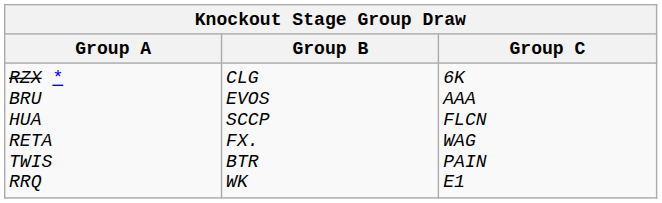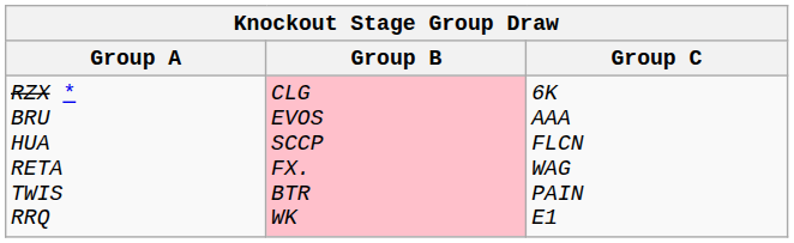 <table class="wikitable" style="text-align:left">
 <tr>
 <th colspan="3">Knockout Stage Group Draw</th>
 </tr>
 <tr>
 <th width="150px">Group A</th>
 <th width="150px">Group B</th>
 <th width="150px">Group C</th>
 </tr>
 <tr>
 <td> <s><em>RZX</em></s> <a href='#'>*</a> <br>  <em>BRU</em> <br>  <em>HUA</em> <br>  <em>RETA</em> <br>  <em>TWIS</em> <br>  <em>RRQ</em></td>
-<td> <em>CLG</em> <br>  <em>EVOS</em> <br>  <em>SCCP</em> <br>  <em>FX.</em> <br>  <em>BTR</em> <br>  <em>WK</em></td>
+<td style="background: pink;"> <em>CLG</em> <br>  <em>EVOS</em> <br>  <em>SCCP</em> <br>  <em>FX.</em> <br>  <em>BTR</em> <br>  <em>WK</em></td>
 <td> <em>6K</em> <br>  <em>AAA</em><br>  <em>FLCN</em> <br>  <em>WAG</em> <br>  <em>PAIN</em> <br>  <em>E1</em></td>
 </tr>
 </table>
